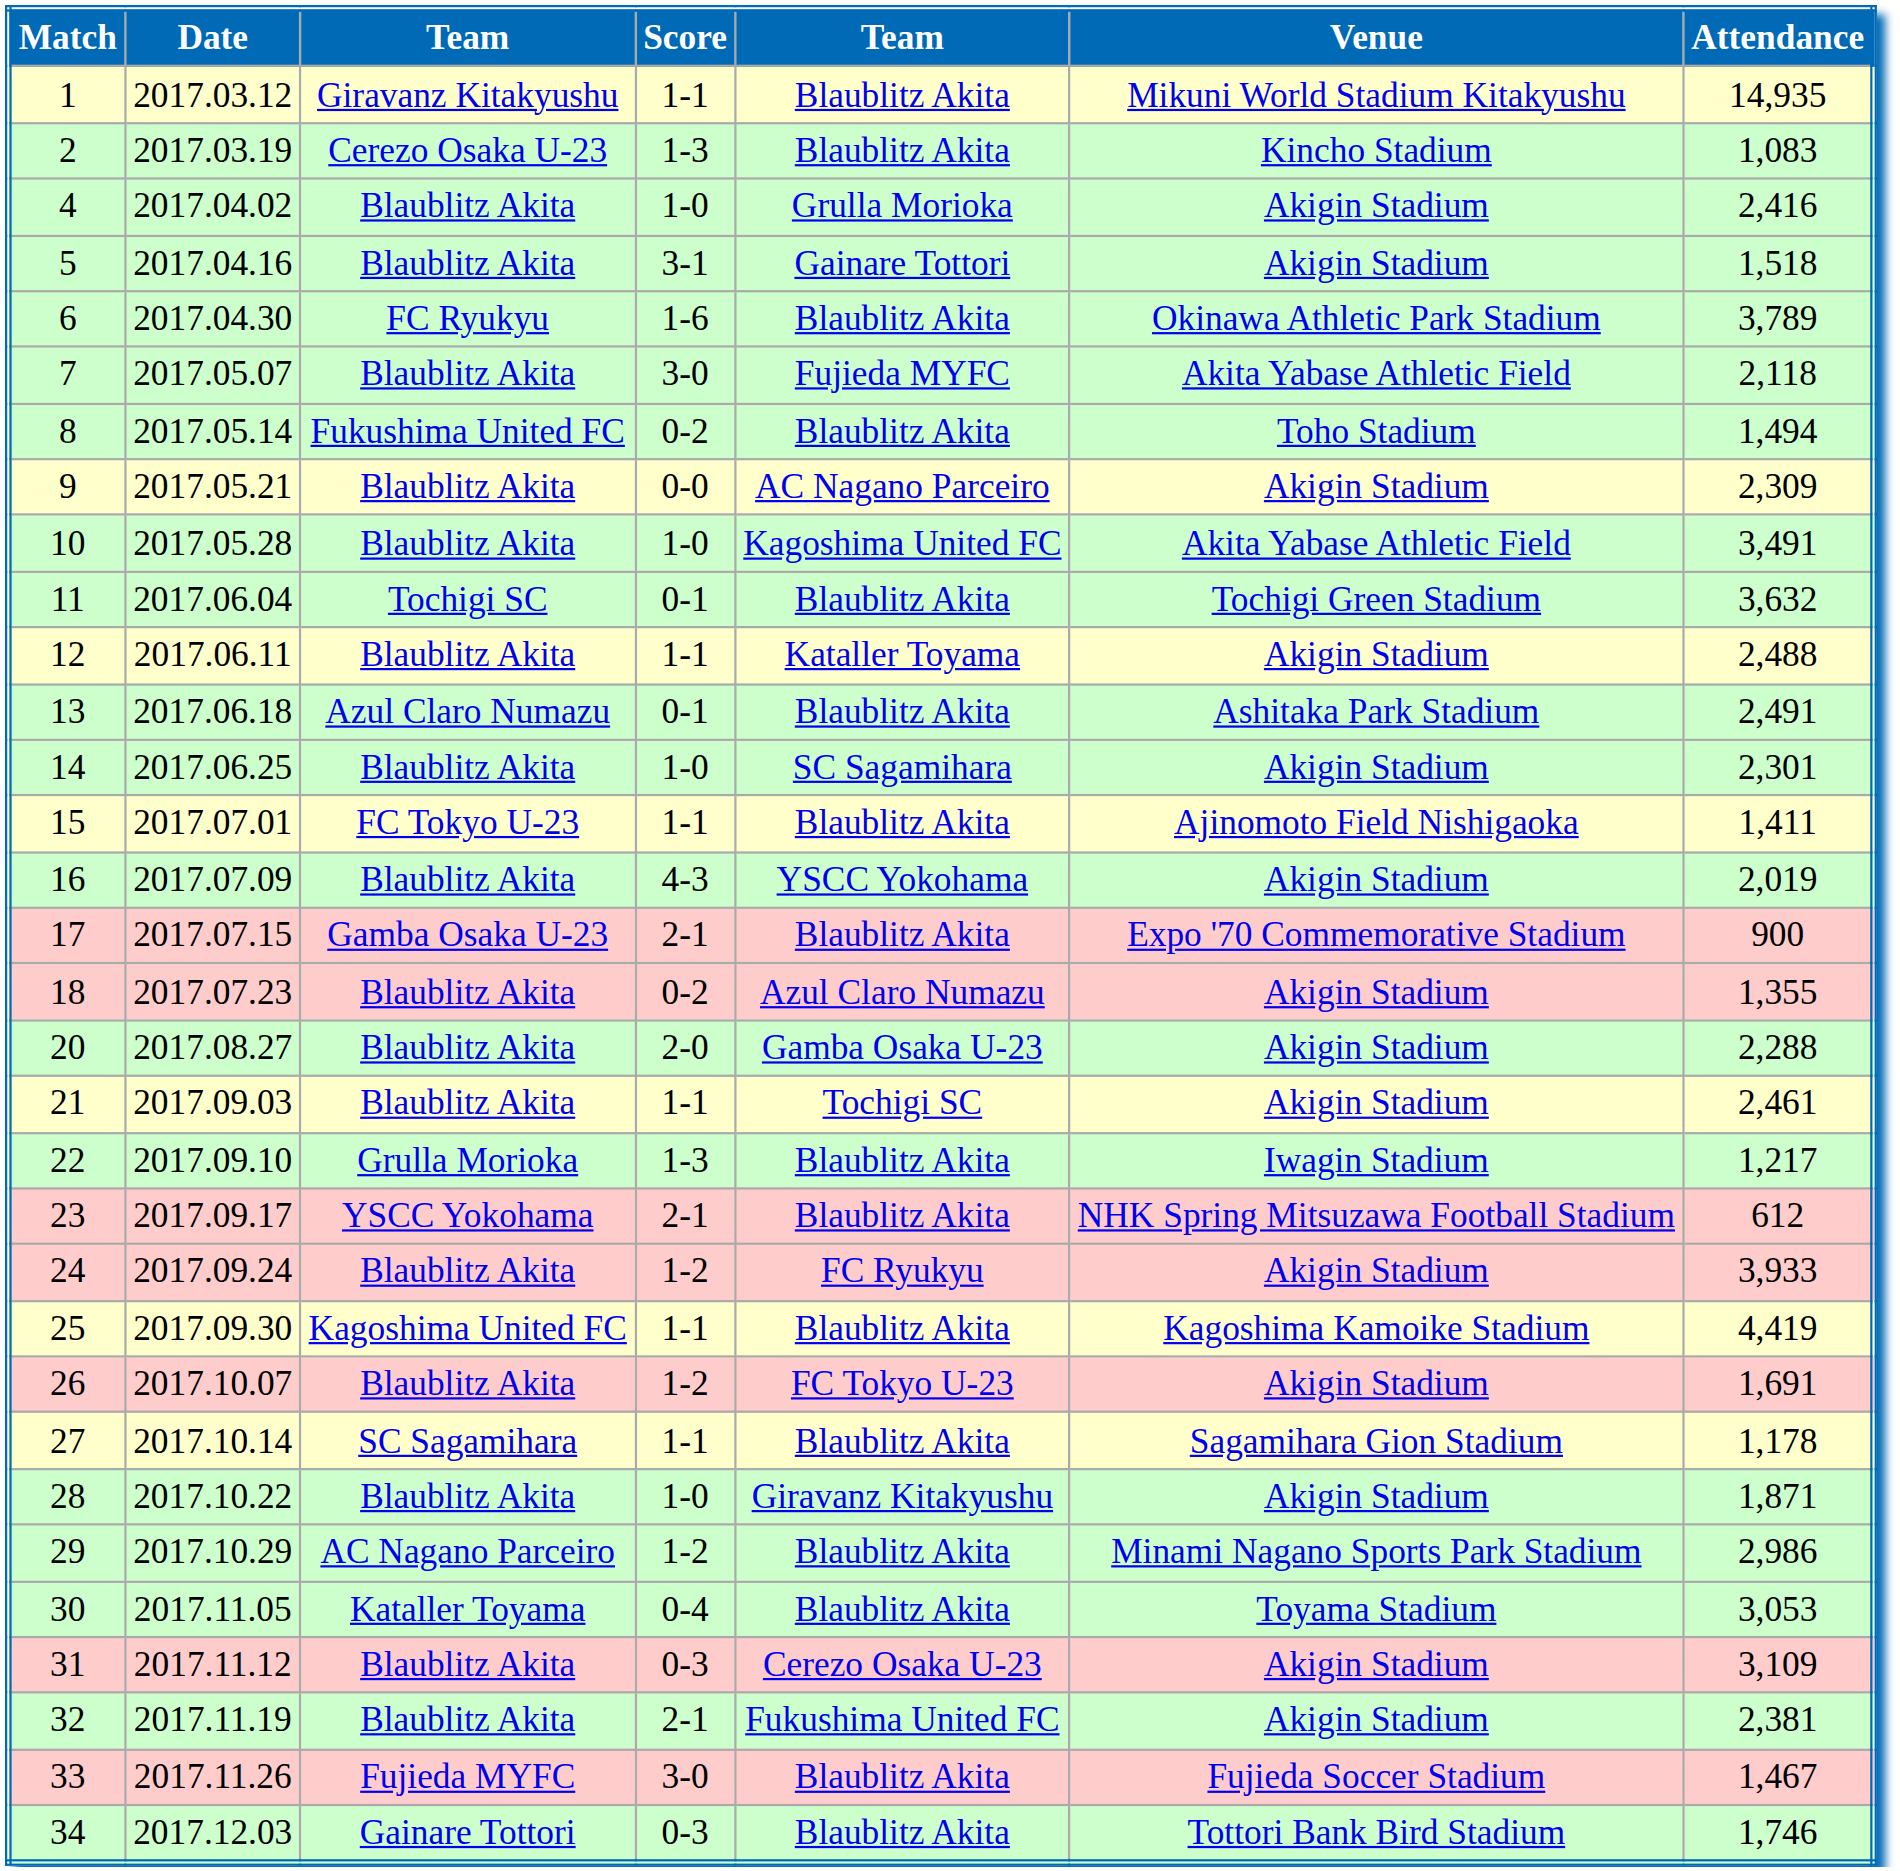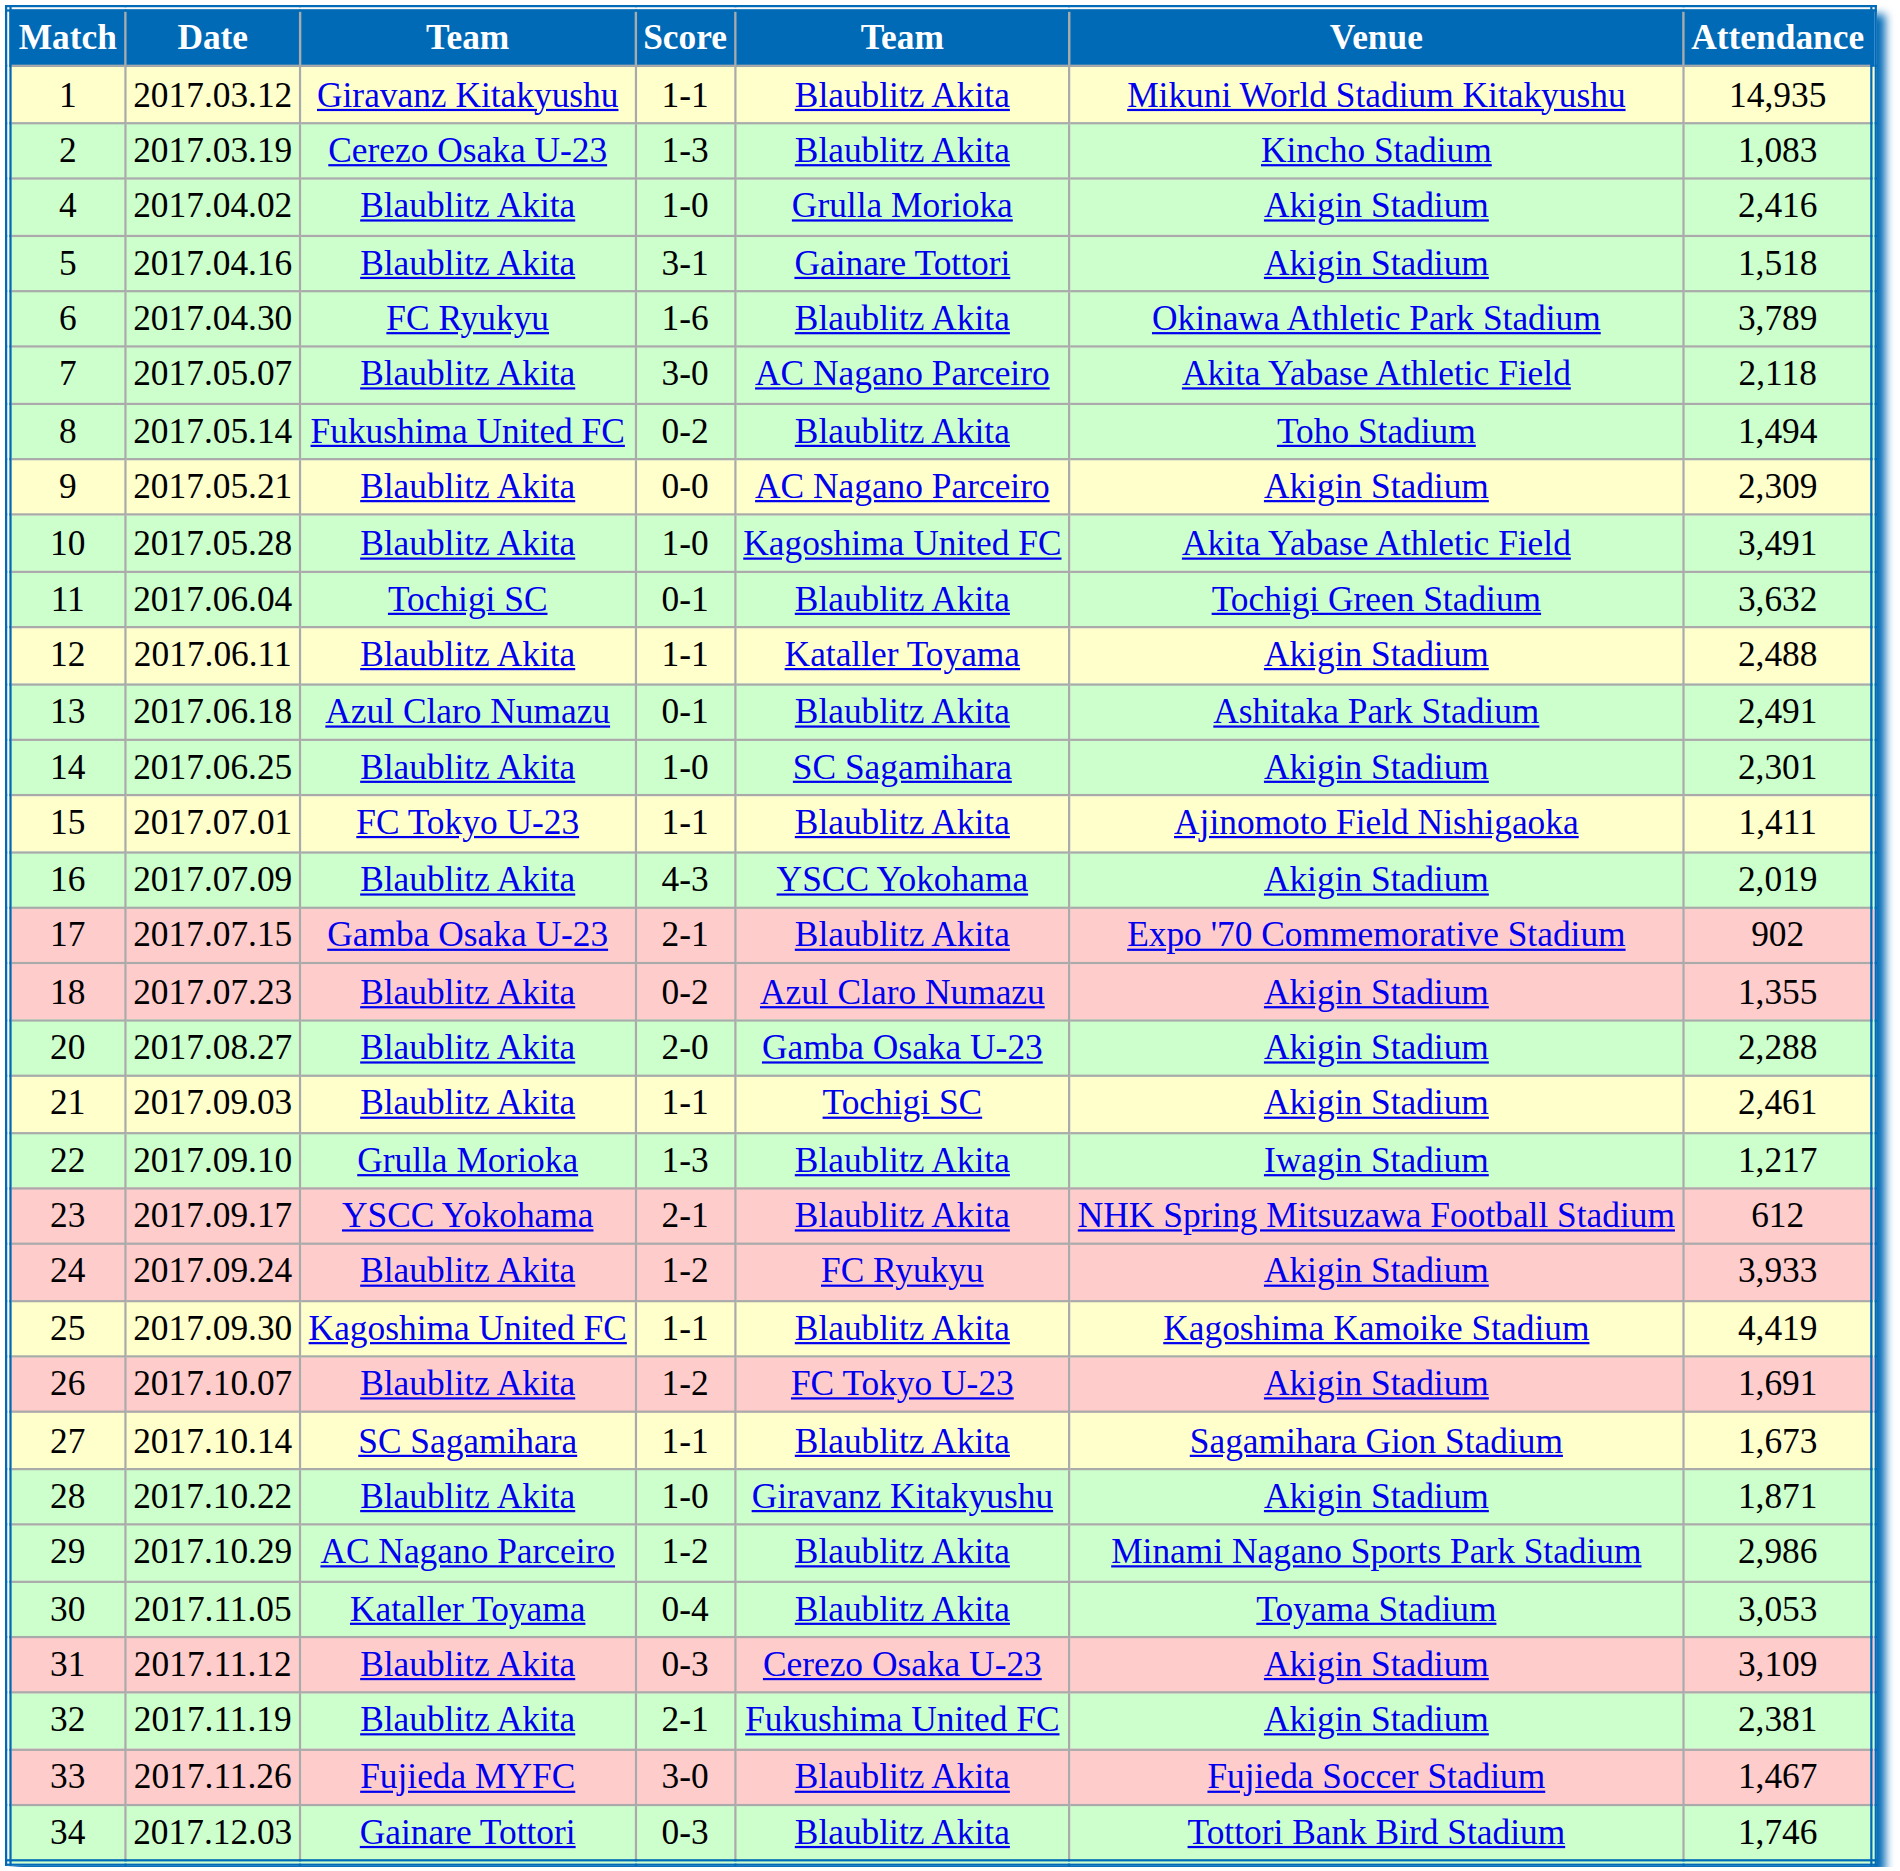 <table class="wikitable" style="text-align:center; white-space:nowrap; border:double #006AB6; box-shadow: 4px 4px 4px #006AB6">
 <tr style="background-color:#006AB6; color:#FFF; font-weight:bold;">
 <td>Match</td>
 <td>Date</td>
 <td>Team</td>
 <td>Score</td>
 <td>Team</td>
 <td>Venue</td>
 <td>Attendance</td>
 </tr>
 <tr style="background-color: #FFFFCC;">
 <td>1</td>
 <td>2017.03.12</td>
 <td><a href='#'>Giravanz Kitakyushu</a></td>
 <td>1-1</td>
 <td><a href='#'>Blaublitz Akita</a></td>
 <td><a href='#'>Mikuni World Stadium Kitakyushu</a></td>
 <td>14,935</td>
 </tr>
 <tr style="background-color: #CCFFCC;">
 <td>2</td>
 <td>2017.03.19</td>
 <td><a href='#'>Cerezo Osaka U-23</a></td>
 <td>1-3</td>
 <td><a href='#'>Blaublitz Akita</a></td>
 <td><a href='#'>Kincho Stadium</a></td>
 <td>1,083</td>
 </tr>
 <tr style="background-color: #CCFFCC;">
 <td>4</td>
 <td>2017.04.02</td>
 <td><a href='#'>Blaublitz Akita</a></td>
 <td>1-0</td>
 <td><a href='#'>Grulla Morioka</a></td>
 <td><a href='#'>Akigin Stadium</a></td>
 <td>2,416</td>
 </tr>
 <tr style="background-color: #CCFFCC;">
 <td>5</td>
 <td>2017.04.16</td>
 <td><a href='#'>Blaublitz Akita</a></td>
 <td>3-1</td>
 <td><a href='#'>Gainare Tottori</a></td>
 <td><a href='#'>Akigin Stadium</a></td>
 <td>1,518</td>
 </tr>
 <tr style="background-color: #CCFFCC;">
 <td>6</td>
 <td>2017.04.30</td>
 <td><a href='#'>FC Ryukyu</a></td>
 <td>1-6</td>
 <td><a href='#'>Blaublitz Akita</a></td>
 <td><a href='#'>Okinawa Athletic Park Stadium</a></td>
 <td>3,789</td>
 </tr>
 <tr style="background-color: #CCFFCC;">
 <td>7</td>
 <td>2017.05.07</td>
 <td><a href='#'>Blaublitz Akita</a></td>
 <td>3-0</td>
-<td><a href='#'>Fujieda MYFC</a></td>
+<td><a href='#'>AC Nagano Parceiro</a></td>
 <td><a href='#'>Akita Yabase Athletic Field</a></td>
 <td>2,118</td>
 </tr>
 <tr style="background-color: #CCFFCC;">
 <td>8</td>
 <td>2017.05.14</td>
 <td><a href='#'>Fukushima United FC</a></td>
 <td>0-2</td>
 <td><a href='#'>Blaublitz Akita</a></td>
 <td><a href='#'>Toho Stadium</a></td>
 <td>1,494</td>
 </tr>
 <tr style="background-color: #FFFFCC;">
 <td>9</td>
 <td>2017.05.21</td>
 <td><a href='#'>Blaublitz Akita</a></td>
 <td>0-0</td>
 <td><a href='#'>AC Nagano Parceiro</a></td>
 <td><a href='#'>Akigin Stadium</a></td>
 <td>2,309</td>
 </tr>
 <tr style="background-color: #CCFFCC;">
 <td>10</td>
 <td>2017.05.28</td>
 <td><a href='#'>Blaublitz Akita</a></td>
 <td>1-0</td>
 <td><a href='#'>Kagoshima United FC</a></td>
 <td><a href='#'>Akita Yabase Athletic Field</a></td>
 <td>3,491</td>
 </tr>
 <tr style="background-color: #CCFFCC;">
 <td>11</td>
 <td>2017.06.04</td>
 <td><a href='#'>Tochigi SC</a></td>
 <td>0-1</td>
 <td><a href='#'>Blaublitz Akita</a></td>
 <td><a href='#'>Tochigi Green Stadium</a></td>
 <td>3,632</td>
 </tr>
 <tr style="background-color: #FFFFCC;">
 <td>12</td>
 <td>2017.06.11</td>
 <td><a href='#'>Blaublitz Akita</a></td>
 <td>1-1</td>
 <td><a href='#'>Kataller Toyama</a></td>
 <td><a href='#'>Akigin Stadium</a></td>
 <td>2,488</td>
 </tr>
 <tr style="background-color: #CCFFCC;">
 <td>13</td>
 <td>2017.06.18</td>
 <td><a href='#'>Azul Claro Numazu</a></td>
 <td>0-1</td>
 <td><a href='#'>Blaublitz Akita</a></td>
 <td><a href='#'>Ashitaka Park Stadium</a></td>
 <td>2,491</td>
 </tr>
 <tr style="background-color: #CCFFCC;">
 <td>14</td>
 <td>2017.06.25</td>
 <td><a href='#'>Blaublitz Akita</a></td>
 <td>1-0</td>
 <td><a href='#'>SC Sagamihara</a></td>
 <td><a href='#'>Akigin Stadium</a></td>
 <td>2,301</td>
 </tr>
 <tr style="background-color: #FFFFCC;">
 <td>15</td>
 <td>2017.07.01</td>
 <td><a href='#'>FC Tokyo U-23</a></td>
 <td>1-1</td>
 <td><a href='#'>Blaublitz Akita</a></td>
 <td><a href='#'>Ajinomoto Field Nishigaoka</a></td>
 <td>1,411</td>
 </tr>
 <tr style="background-color: #CCFFCC;">
 <td>16</td>
 <td>2017.07.09</td>
 <td><a href='#'>Blaublitz Akita</a></td>
 <td>4-3</td>
 <td><a href='#'>YSCC Yokohama</a></td>
 <td><a href='#'>Akigin Stadium</a></td>
 <td>2,019</td>
 </tr>
 <tr style="background-color: #FFCCCC;">
 <td>17</td>
 <td>2017.07.15</td>
 <td><a href='#'>Gamba Osaka U-23</a></td>
 <td>2-1</td>
 <td><a href='#'>Blaublitz Akita</a></td>
 <td><a href='#'>Expo '70 Commemorative Stadium</a></td>
-<td>900</td>
+<td>902</td>
 </tr>
 <tr style="background-color: #FFCCCC;">
 <td>18</td>
 <td>2017.07.23</td>
 <td><a href='#'>Blaublitz Akita</a></td>
 <td>0-2</td>
 <td><a href='#'>Azul Claro Numazu</a></td>
 <td><a href='#'>Akigin Stadium</a></td>
 <td>1,355</td>
 </tr>
 <tr style="background-color: #CCFFCC;">
 <td>20</td>
 <td>2017.08.27</td>
 <td><a href='#'>Blaublitz Akita</a></td>
 <td>2-0</td>
 <td><a href='#'>Gamba Osaka U-23</a></td>
 <td><a href='#'>Akigin Stadium</a></td>
 <td>2,288</td>
 </tr>
 <tr style="background-color: #FFFFCC;">
 <td>21</td>
 <td>2017.09.03</td>
 <td><a href='#'>Blaublitz Akita</a></td>
 <td>1-1</td>
 <td><a href='#'>Tochigi SC</a></td>
 <td><a href='#'>Akigin Stadium</a></td>
 <td>2,461</td>
 </tr>
 <tr style="background-color: #CCFFCC;">
 <td>22</td>
 <td>2017.09.10</td>
 <td><a href='#'>Grulla Morioka</a></td>
 <td>1-3</td>
 <td><a href='#'>Blaublitz Akita</a></td>
 <td><a href='#'>Iwagin Stadium</a></td>
 <td>1,217</td>
 </tr>
 <tr style="background-color: #FFCCCC;">
 <td>23</td>
 <td>2017.09.17</td>
 <td><a href='#'>YSCC Yokohama</a></td>
 <td>2-1</td>
 <td><a href='#'>Blaublitz Akita</a></td>
 <td><a href='#'>NHK Spring Mitsuzawa Football Stadium</a></td>
 <td>612</td>
 </tr>
 <tr style="background-color: #FFCCCC;">
 <td>24</td>
 <td>2017.09.24</td>
 <td><a href='#'>Blaublitz Akita</a></td>
 <td>1-2</td>
 <td><a href='#'>FC Ryukyu</a></td>
 <td><a href='#'>Akigin Stadium</a></td>
 <td>3,933</td>
 </tr>
 <tr style="background-color: #FFFFCC;">
 <td>25</td>
 <td>2017.09.30</td>
 <td><a href='#'>Kagoshima United FC</a></td>
 <td>1-1</td>
 <td><a href='#'>Blaublitz Akita</a></td>
 <td><a href='#'>Kagoshima Kamoike Stadium</a></td>
 <td>4,419</td>
 </tr>
 <tr style="background-color: #FFCCCC;">
 <td>26</td>
 <td>2017.10.07</td>
 <td><a href='#'>Blaublitz Akita</a></td>
 <td>1-2</td>
 <td><a href='#'>FC Tokyo U-23</a></td>
 <td><a href='#'>Akigin Stadium</a></td>
 <td>1,691</td>
 </tr>
 <tr style="background-color: #FFFFCC;">
 <td>27</td>
 <td>2017.10.14</td>
 <td><a href='#'>SC Sagamihara</a></td>
 <td>1-1</td>
 <td><a href='#'>Blaublitz Akita</a></td>
 <td><a href='#'>Sagamihara Gion Stadium</a></td>
-<td>1,178</td>
+<td>1,673</td>
 </tr>
 <tr style="background-color: #CCFFCC;">
 <td>28</td>
 <td>2017.10.22</td>
 <td><a href='#'>Blaublitz Akita</a></td>
 <td>1-0</td>
 <td><a href='#'>Giravanz Kitakyushu</a></td>
 <td><a href='#'>Akigin Stadium</a></td>
 <td>1,871</td>
 </tr>
 <tr style="background-color: #CCFFCC;">
 <td>29</td>
 <td>2017.10.29</td>
 <td><a href='#'>AC Nagano Parceiro</a></td>
 <td>1-2</td>
 <td><a href='#'>Blaublitz Akita</a></td>
 <td><a href='#'>Minami Nagano Sports Park Stadium</a></td>
 <td>2,986</td>
 </tr>
 <tr style="background-color: #CCFFCC;">
 <td>30</td>
 <td>2017.11.05</td>
 <td><a href='#'>Kataller Toyama</a></td>
 <td>0-4</td>
 <td><a href='#'>Blaublitz Akita</a></td>
 <td><a href='#'>Toyama Stadium</a></td>
 <td>3,053</td>
 </tr>
 <tr style="background-color: #FFCCCC;">
 <td>31</td>
 <td>2017.11.12</td>
 <td><a href='#'>Blaublitz Akita</a></td>
 <td>0-3</td>
 <td><a href='#'>Cerezo Osaka U-23</a></td>
 <td><a href='#'>Akigin Stadium</a></td>
 <td>3,109</td>
 </tr>
 <tr style="background-color: #CCFFCC;">
 <td>32</td>
 <td>2017.11.19</td>
 <td><a href='#'>Blaublitz Akita</a></td>
 <td>2-1</td>
 <td><a href='#'>Fukushima United FC</a></td>
 <td><a href='#'>Akigin Stadium</a></td>
 <td>2,381</td>
 </tr>
 <tr style="background-color: #FFCCCC;">
 <td>33</td>
 <td>2017.11.26</td>
 <td><a href='#'>Fujieda MYFC</a></td>
 <td>3-0</td>
 <td><a href='#'>Blaublitz Akita</a></td>
 <td><a href='#'>Fujieda Soccer Stadium</a></td>
 <td>1,467</td>
 </tr>
 <tr style="background-color: #CCFFCC;">
 <td>34</td>
 <td>2017.12.03</td>
 <td><a href='#'>Gainare Tottori</a></td>
 <td>0-3</td>
 <td><a href='#'>Blaublitz Akita</a></td>
 <td><a href='#'>Tottori Bank Bird Stadium</a></td>
 <td>1,746</td>
 </tr>
 </table>
